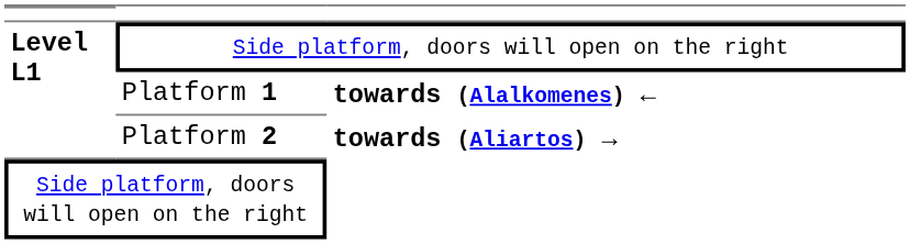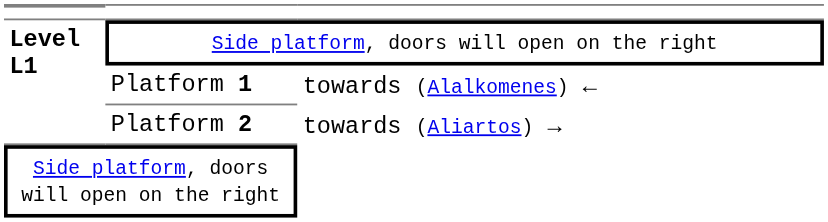 <table table border=0 cellspacing=0 cellpadding=3>
 <tr>
 <td style="border-bottom:solid 1px gray;border-top:solid 2px gray;" width=50 valign=top></td>
 <td style="border-top:solid 1px gray;border-bottom:solid 1px gray;" width=100 valign=top></td>
 <td style="border-top:solid 1px gray;border-bottom:solid 1px gray;" width=285 valign=top></td>
 </tr>
 <tr>
 <td style="border-bottom:solid 1px gray;" rowspan=4 valign=top><strong>Level<br>L1</strong></td>
 <td style="border-top:solid 2px black;border-right:solid 2px black;border-left:solid 2px black;border-bottom:solid 2px black;text-align:center;" colspan=2><small><a href='#'>Side platform</a>, doors will open on the right</small></td>
 </tr>
 <tr>
 <td style="border-bottom:solid 1px gray;">Platform <span><strong>1</strong></span></td>
-<td><strong> towards  <small>(<a href='#'>Alalkomenes</a>)</small> ←</strong></td>
+<td> towards  <small>(<a href='#'>Alalkomenes</a>)</small> ←</td>
 </tr>
 <tr>
 <td style="border-bottom:solid 1px gray;">Platform <span><strong>2</strong></span></td>
-<td><strong> towards  <small>(<a href='#'>Aliartos</a>)</small> →</strong></td>
+<td> towards  <small>(<a href='#'>Aliartos</a>)</small> →</td>
 </tr>
 <tr>
 </tr>
 <tr>
 <td style="border-top:solid 2px black;border-left:solid 2px black;border-right:solid 2px black;border-bottom:solid 2px black;text-align:center;" colspan=2><small><a href='#'>Side platform</a>, doors will open on the right</small></td>
 </tr>
 </table>
